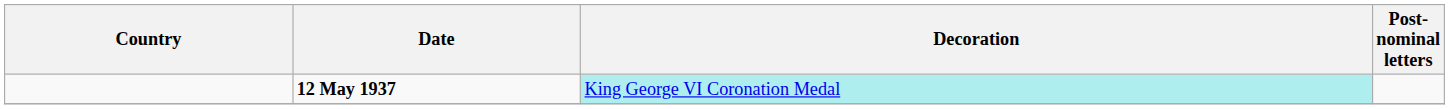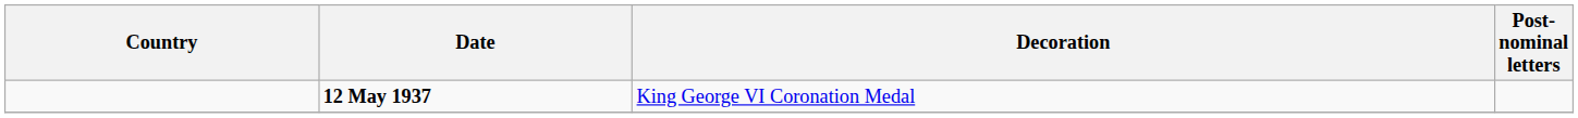 <table class="wikitable" style="width:100%;">
 <tr>
 <th style="width:20%;">Country</th>
 <th style="width:20%;">Date</th>
 <th style="width:55%;">Decoration</th>
 <th style="width:5%;">Post-nominal letters</th>
 </tr>
 <tr>
 <td></td>
 <td><strong>12 May 1937</strong></td>
-<td style="background: paleturquoise;"><a href='#'>King George VI Coronation Medal</a></td>
+<td><a href='#'>King George VI Coronation Medal</a></td>
 <td></td>
 </tr>
 <tr>
 </tr>
 </table>
